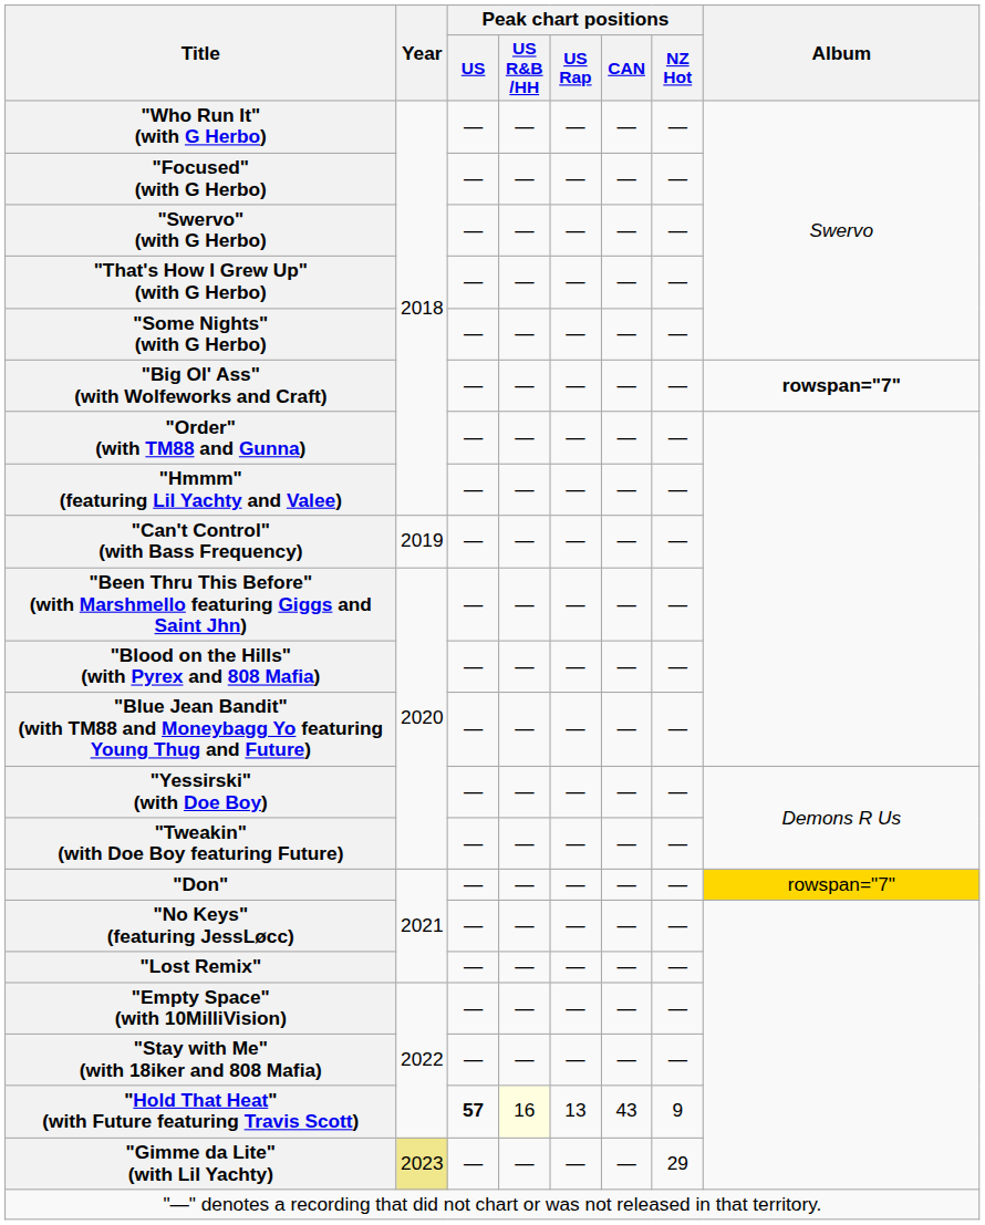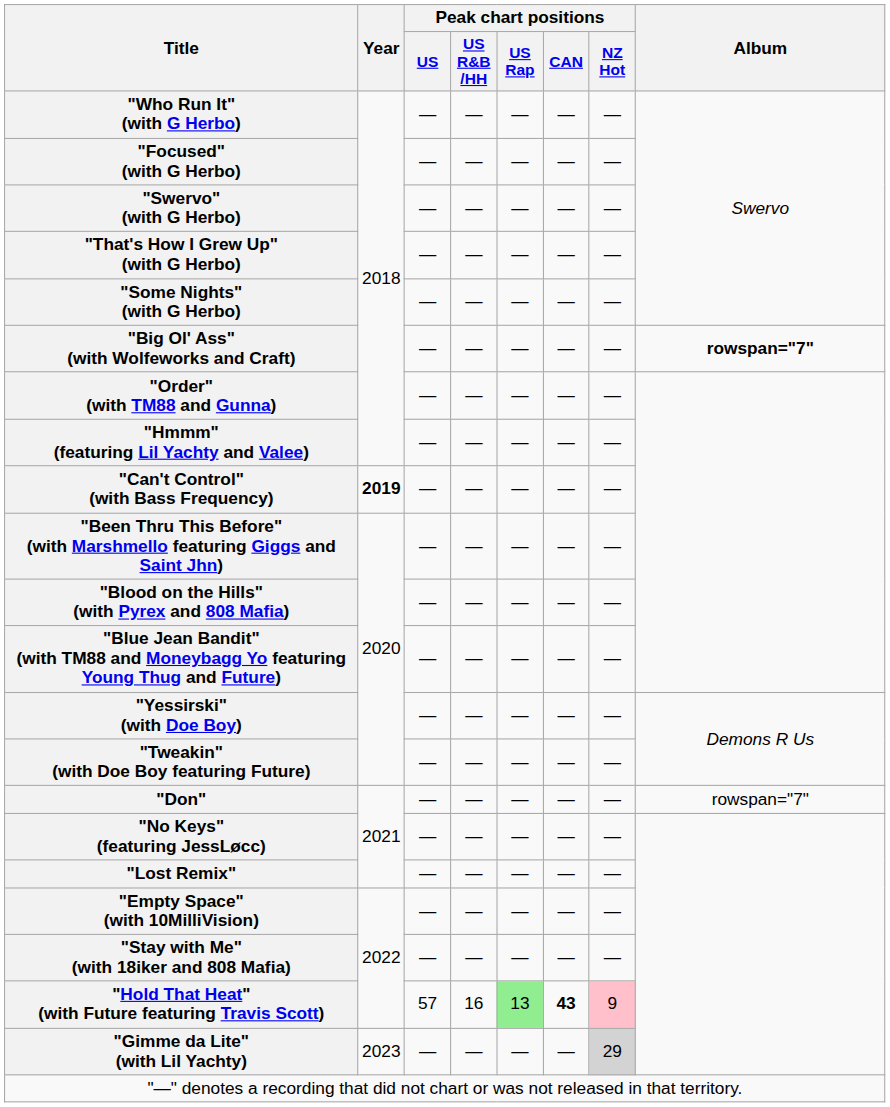 <table class="wikitable plainrowheaders" style="text-align:center;">
 <tr>
 <th scope="col" rowspan="2" style="width:20em;">Title</th>
 <th scope="col" rowspan="2" style="width:1em;">Year</th>
 <th scope="col" colspan="5">Peak chart positions</th>
 <th scope="col" rowspan="2" style="width:14em;">Album</th>
 </tr>
 <tr>
 <th scope="col" style="width:2.5em;font-size:90%;"><a href='#'>US</a><br></th>
 <th scope="col" style="width:2.5em;font-size:90%;"><a href='#'>US<br>R&B<br>/HH</a><br></th>
 <th scope="col" style="width:2.5em;font-size:90%;"><a href='#'>US<br>Rap</a><br></th>
 <th scope="col" style="width:2.5em;font-size:90%;"><a href='#'>CAN</a><br></th>
 <th scope="col" style="width:2.5em;font-size:90%;"><a href='#'>NZ<br>Hot</a><br></th>
 </tr>
 <tr>
 <th scope="row">"Who Run It"<br><span>(with <a href='#'>G Herbo</a>)</span></th>
 <td rowspan="8">2018</td>
 <td>—</td>
 <td>—</td>
 <td>—</td>
 <td>—</td>
 <td>—</td>
 <td rowspan="5"><em>Swervo</em></td>
 </tr>
 <tr>
 <th scope="row">"Focused"<br><span>(with G Herbo)</span></th>
 <td>—</td>
 <td>—</td>
 <td>—</td>
 <td>—</td>
 <td>—</td>
 </tr>
 <tr>
 <th scope="row">"Swervo"<br><span>(with G Herbo)</span></th>
 <td>—</td>
 <td>—</td>
 <td>—</td>
 <td>—</td>
 <td>—</td>
 </tr>
 <tr>
 <th scope="row">"That's How I Grew Up"<br><span>(with G Herbo)</span></th>
 <td>—</td>
 <td>—</td>
 <td>—</td>
 <td>—</td>
 <td>—</td>
 </tr>
 <tr>
 <th scope="row">"Some Nights"<br><span>(with G Herbo)</span></th>
 <td>—</td>
 <td>—</td>
 <td>—</td>
 <td>—</td>
 <td>—</td>
 </tr>
 <tr>
 <th scope="row">"Big Ol' Ass"<br><span>(with Wolfeworks and Craft)</span></th>
 <td>—</td>
 <td>—</td>
 <td>—</td>
 <td>—</td>
 <td>—</td>
 <td><strong>rowspan="7" </strong></td>
 </tr>
 <tr>
 <th scope="row">"Order"<br><span>(with <a href='#'>TM88</a> and <a href='#'>Gunna</a>)</span></th>
 <td>—</td>
 <td>—</td>
 <td>—</td>
 <td>—</td>
 <td>—</td>
 </tr>
 <tr>
 <th scope="row">"Hmmm"<br><span>(featuring <a href='#'>Lil Yachty</a> and <a href='#'>Valee</a>)</span></th>
 <td>—</td>
 <td>—</td>
 <td>—</td>
 <td>—</td>
 <td>—</td>
 </tr>
 <tr>
 <th scope="row">"Can't Control"<br><span>(with Bass Frequency)</span></th>
-<td>2019</td>
+<td><strong>2019</strong></td>
 <td>—</td>
 <td>—</td>
 <td>—</td>
 <td>—</td>
 <td>—</td>
 </tr>
 <tr>
 <th scope="row">"Been Thru This Before"<br><span>(with <a href='#'>Marshmello</a> featuring <a href='#'>Giggs</a> and <a href='#'>Saint Jhn</a>)</span></th>
 <td rowspan="5">2020</td>
 <td>—</td>
 <td>—</td>
 <td>—</td>
 <td>—</td>
 <td>—</td>
 </tr>
 <tr>
 <th scope="row">"Blood on the Hills"<br><span>(with <a href='#'>Pyrex</a> and <a href='#'>808 Mafia</a>)</span></th>
 <td>—</td>
 <td>—</td>
 <td>—</td>
 <td>—</td>
 <td>—</td>
 </tr>
 <tr>
 <th scope="row">"Blue Jean Bandit"<br><span>(with TM88 and <a href='#'>Moneybagg Yo</a> featuring <a href='#'>Young Thug</a> and <a href='#'>Future</a>)</span></th>
 <td>—</td>
 <td>—</td>
 <td>—</td>
 <td>—</td>
 <td>—</td>
 </tr>
 <tr>
 <th scope="row">"Yessirski"<br><span>(with <a href='#'>Doe Boy</a>)</span></th>
 <td>—</td>
 <td>—</td>
 <td>—</td>
 <td>—</td>
 <td>—</td>
 <td rowspan="2"><em>Demons R Us</em></td>
 </tr>
 <tr>
 <th scope="row">"Tweakin"<br><span>(with Doe Boy featuring Future)</span></th>
 <td>—</td>
 <td>—</td>
 <td>—</td>
 <td>—</td>
 <td>—</td>
 </tr>
 <tr>
 <th scope="row">"Don"</th>
 <td rowspan="3">2021</td>
 <td>—</td>
 <td>—</td>
 <td>—</td>
 <td>—</td>
 <td>—</td>
-<td style="background: gold;">rowspan="7" </td>
+<td>rowspan="7" </td>
 </tr>
 <tr>
 <th scope="row">"No Keys"<br><span>(featuring JessLøcc)</span></th>
 <td>—</td>
 <td>—</td>
 <td>—</td>
 <td>—</td>
 <td>—</td>
 </tr>
 <tr>
 <th scope="row">"Lost Remix"</th>
 <td>—</td>
 <td>—</td>
 <td>—</td>
 <td>—</td>
 <td>—</td>
 </tr>
 <tr>
 <th scope="row">"Empty Space"<br><span>(with 10MilliVision)</span></th>
 <td rowspan="3">2022</td>
 <td>—</td>
 <td>—</td>
 <td>—</td>
 <td>—</td>
 <td>—</td>
 </tr>
 <tr>
 <th scope="row">"Stay with Me"<br><span>(with 18iker and 808 Mafia)</span></th>
 <td>—</td>
 <td>—</td>
 <td>—</td>
 <td>—</td>
 <td>—</td>
 </tr>
 <tr>
 <th scope="row">"<a href='#'>Hold That Heat</a>"<br><span>(with Future featuring <a href='#'>Travis Scott</a>)</span></th>
-<td><strong>57</strong></td>
-<td style="background: lightyellow;">16</td>
-<td>13</td>
-<td>43</td>
-<td>9</td>
+<td>57</td>
+<td>16</td>
+<td style="background: lightgreen;">13</td>
+<td><strong>43</strong></td>
+<td style="background: pink;">9</td>
 </tr>
 <tr>
 <th scope="row">"Gimme da Lite"<br><span>(with Lil Yachty)</span></th>
-<td style="background: khaki;">2023</td>
+<td>2023</td>
 <td>—</td>
 <td>—</td>
 <td>—</td>
 <td>—</td>
-<td>29</td>
+<td style="background: lightgrey;">29</td>
 </tr>
 <tr>
 <td colspan="8">"—" denotes a recording that did not chart or was not released in that territory.</td>
 </tr>
 </table>
